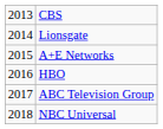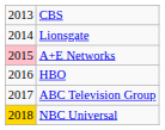 <table class="wikitable">
 <tr>
 <td>2013</td>
 <td><a href='#'>CBS</a></td>
 </tr>
 <tr>
 <td>2014</td>
 <td><a href='#'>Lionsgate</a></td>
 </tr>
 <tr>
-<td>2015</td>
+<td style="background: pink;">2015</td>
 <td><a href='#'>A+E Networks</a></td>
 </tr>
 <tr>
 <td>2016</td>
 <td><a href='#'>HBO</a></td>
 </tr>
 <tr>
 <td>2017</td>
 <td><a href='#'>ABC Television Group</a></td>
 </tr>
 <tr>
-<td>2018</td>
+<td style="background: gold;">2018</td>
 <td><a href='#'>NBC Universal</a></td>
 </tr>
 </table>
